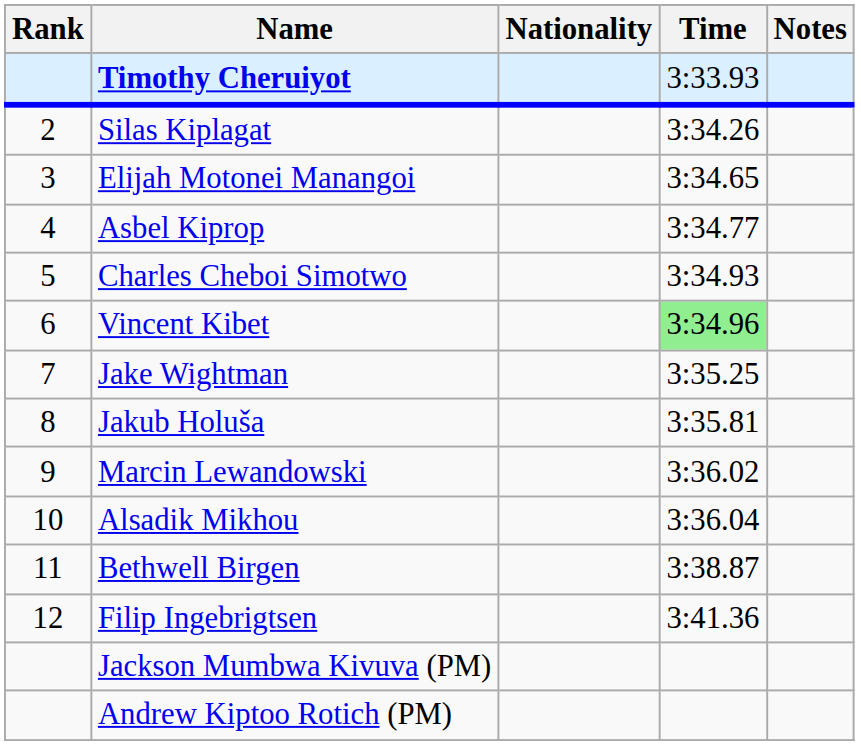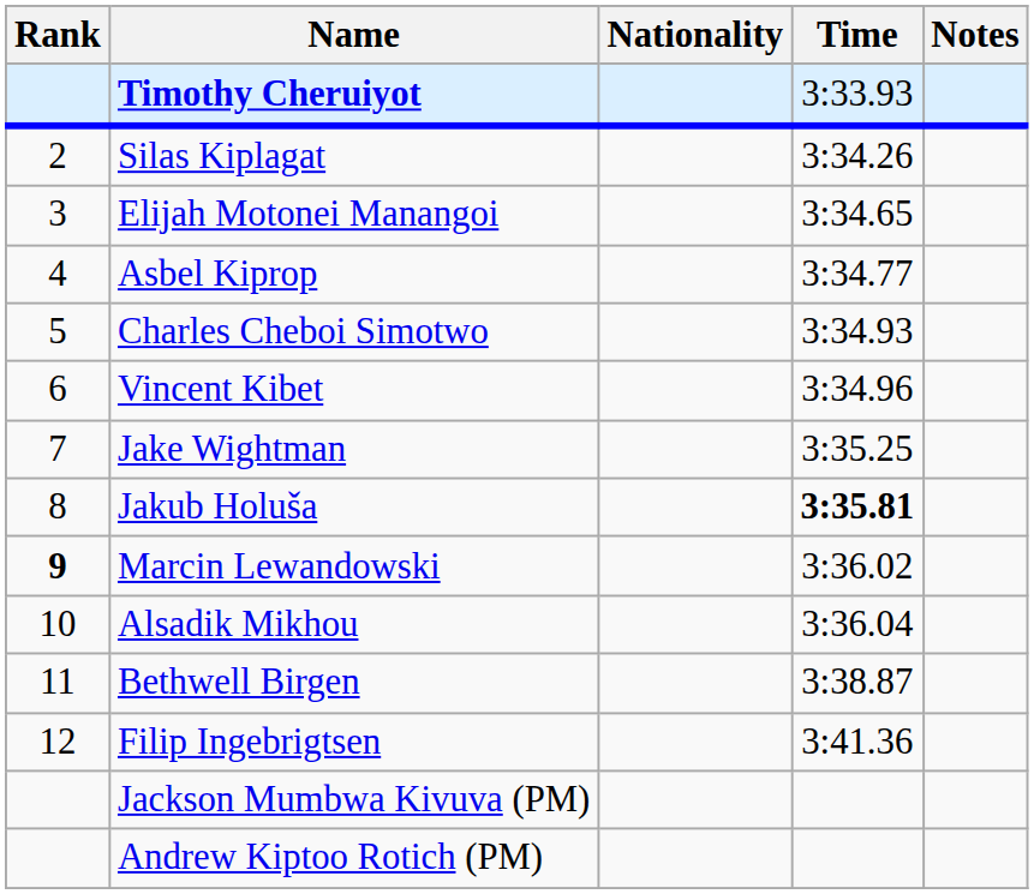 <table class="wikitable sortable" style="text-align:center">
 <tr>
 <th>Rank</th>
 <th>Name</th>
 <th>Nationality</th>
 <th>Time</th>
 <th>Notes</th>
 </tr>
 <tr bgcolor=#daefff>
 <td></td>
 <td align=left><strong><a href='#'>Timothy Cheruiyot</a></strong></td>
 <td align=left><strong></strong></td>
 <td>3:33.93</td>
 <td></td>
 </tr>
 <tr style="border-top:3px solid blue;">
 <td>2</td>
 <td align=left><a href='#'>Silas Kiplagat</a></td>
 <td align=left></td>
 <td>3:34.26</td>
 <td></td>
 </tr>
 <tr>
 <td>3</td>
 <td align=left><a href='#'>Elijah Motonei Manangoi</a></td>
 <td align=left></td>
 <td>3:34.65</td>
 <td></td>
 </tr>
 <tr>
 <td>4</td>
 <td align=left><a href='#'>Asbel Kiprop</a></td>
 <td align=left></td>
 <td>3:34.77</td>
 <td></td>
 </tr>
 <tr>
 <td>5</td>
 <td align=left><a href='#'>Charles Cheboi Simotwo</a></td>
 <td align=left></td>
 <td>3:34.93</td>
 <td></td>
 </tr>
 <tr>
 <td>6</td>
 <td align=left><a href='#'>Vincent Kibet</a></td>
 <td align=left></td>
-<td style="background: lightgreen;">3:34.96</td>
+<td>3:34.96</td>
 <td></td>
 </tr>
 <tr>
 <td>7</td>
 <td align=left><a href='#'>Jake Wightman</a></td>
 <td align=left></td>
 <td>3:35.25</td>
 <td></td>
 </tr>
 <tr>
 <td>8</td>
 <td align=left><a href='#'>Jakub Holuša</a></td>
 <td align=left></td>
-<td>3:35.81</td>
+<td><strong>3:35.81</strong></td>
 <td></td>
 </tr>
 <tr>
-<td>9</td>
+<td><strong>9</strong></td>
 <td align=left><a href='#'>Marcin Lewandowski</a></td>
 <td align=left></td>
 <td>3:36.02</td>
 <td></td>
 </tr>
 <tr>
 <td>10</td>
 <td align=left><a href='#'>Alsadik Mikhou</a></td>
 <td align=left></td>
 <td>3:36.04</td>
 <td></td>
 </tr>
 <tr>
 <td>11</td>
 <td align=left><a href='#'>Bethwell Birgen</a></td>
 <td align=left></td>
 <td>3:38.87</td>
 <td></td>
 </tr>
 <tr>
 <td>12</td>
 <td align=left><a href='#'>Filip Ingebrigtsen</a></td>
 <td align=left></td>
 <td>3:41.36</td>
 <td></td>
 </tr>
 <tr>
 <td></td>
 <td align=left><a href='#'>Jackson Mumbwa Kivuva</a> (PM)</td>
 <td align=left></td>
 <td></td>
 <td></td>
 </tr>
 <tr>
 <td></td>
 <td align=left><a href='#'>Andrew Kiptoo Rotich</a> (PM)</td>
 <td align=left></td>
 <td></td>
 <td></td>
 </tr>
 <tr>
 </tr>
 </table>
